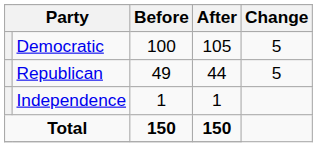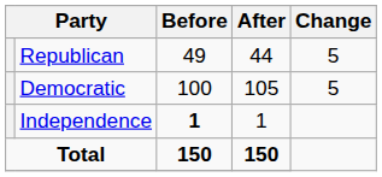 <table class="wikitable" style="text-align:center;">
 <tr>
 </tr>
 <tr>
 <th colspan=2>Party</th>
 <th>Before</th>
 <th>After</th>
 <th>Change</th>
 </tr>
 <tr>
 <th style="background-color:"></th>
+<td style="text-align:left;"><a href='#'>Republican</a></td>
+<td>49</td>
+<td>44</td>
+<td> 5</td>
+</tr>
+<tr>
+<th style="background-color:"></th>
 <td style="text-align:left;"><a href='#'>Democratic</a></td>
 <td>100</td>
 <td>105</td>
 <td> 5</td>
 </tr>
 <tr>
 <th style="background-color:"></th>
-<td style="text-align:left;"><a href='#'>Republican</a></td>
-<td>49</td>
-<td>44</td>
-<td> 5</td>
-</tr>
-<tr>
-<th style="background-color:"></th>
 <td style="text-align:left;"><a href='#'>Independence</a></td>
-<td>1</td>
+<td><strong>1</strong></td>
 <td>1</td>
 <td></td>
 </tr>
 <tr>
 <td colspan=2><strong>Total</strong></td>
 <td><strong>150</strong></td>
 <td><strong>150</strong></td>
 </tr>
 <tr>
 </tr>
 </table>
